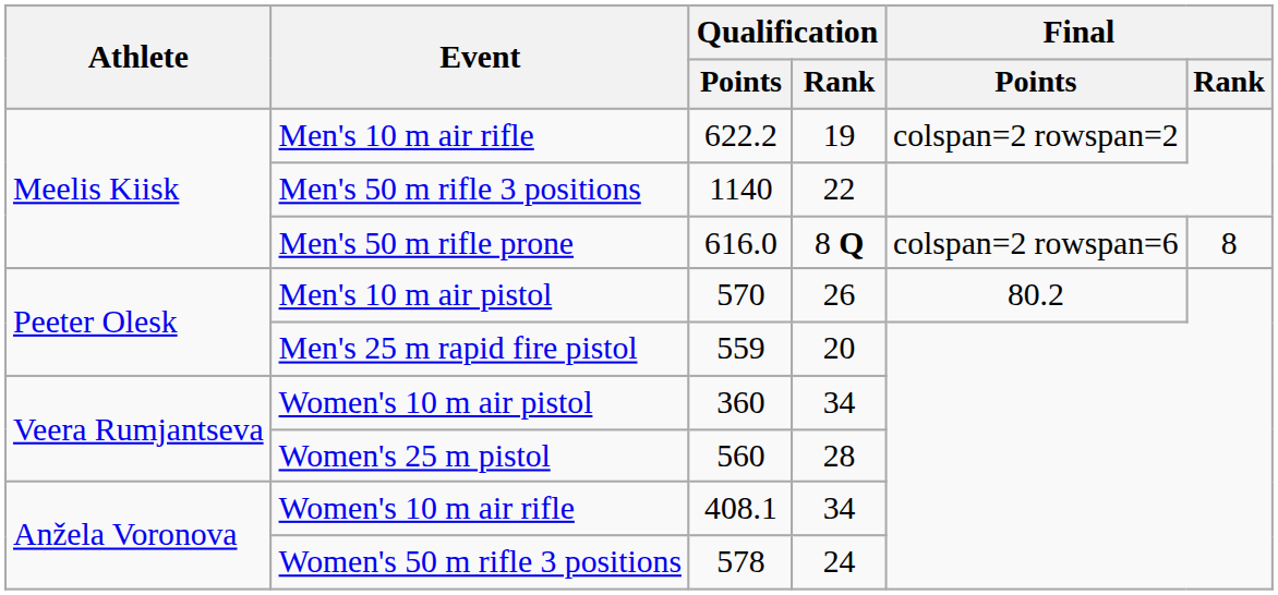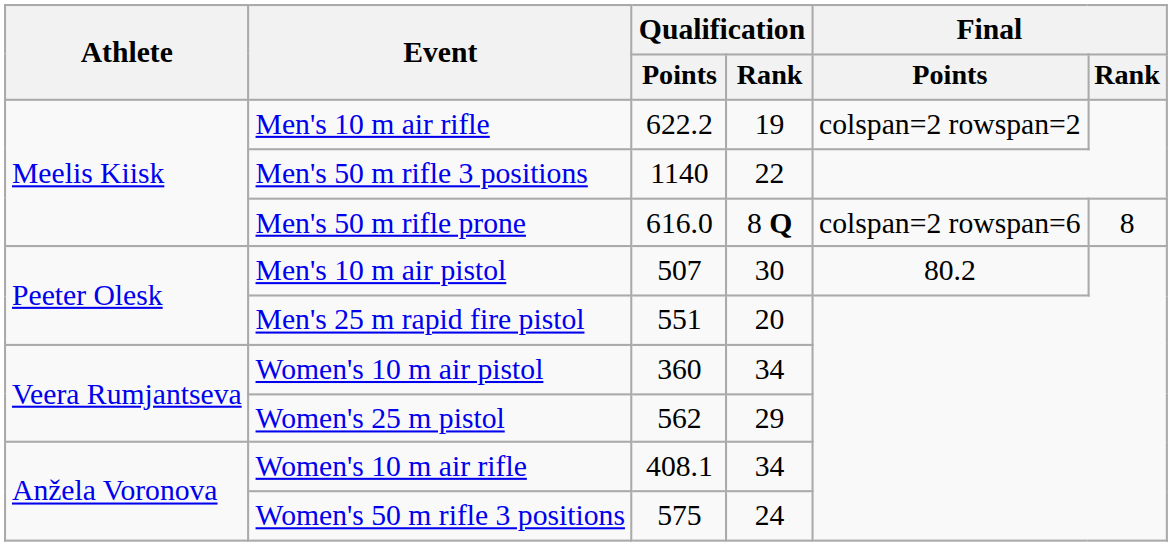 <table class="wikitable" style="font-size:90%">
 <tr align=center>
 <th rowspan=2>Athlete</th>
 <th rowspan=2>Event</th>
 <th colspan=2>Qualification</th>
 <th colspan=2>Final</th>
 </tr>
 <tr style="font-size:95%">
 <th>Points</th>
 <th>Rank</th>
 <th>Points</th>
 <th>Rank</th>
 </tr>
 <tr align=center>
 <td align=left rowspan=3><a href='#'>Meelis Kiisk</a></td>
 <td align=left><a href='#'>Men's 10 m air rifle</a></td>
 <td>622.2</td>
 <td>19</td>
 <td>colspan=2 rowspan=2 </td>
 </tr>
 <tr align=center>
 <td align=left><a href='#'>Men's 50 m rifle 3 positions</a></td>
 <td>1140</td>
 <td>22</td>
 </tr>
 <tr align=center>
 <td align=left><a href='#'>Men's 50 m rifle prone</a></td>
 <td>616.0</td>
 <td>8 <strong>Q</strong></td>
 <td>colspan=2 rowspan=6 </td>
 <td>8</td>
 </tr>
 <tr align=center>
 <td align=left rowspan=2><a href='#'>Peeter Olesk</a></td>
 <td align=left><a href='#'>Men's 10 m air pistol</a></td>
-<td>570</td>
-<td>26</td>
+<td>507</td>
+<td>30</td>
 <td>80.2</td>
 </tr>
 <tr align=center>
 <td align=left><a href='#'>Men's 25 m rapid fire pistol</a></td>
-<td>559</td>
+<td>551</td>
 <td>20</td>
 </tr>
 <tr align=center>
 <td align=left rowspan=2><a href='#'>Veera Rumjantseva</a></td>
 <td align=left><a href='#'>Women's 10 m air pistol</a></td>
 <td>360</td>
 <td>34</td>
 </tr>
 <tr align=center>
 <td align=left><a href='#'>Women's 25 m pistol</a></td>
-<td>560</td>
-<td>28</td>
+<td>562</td>
+<td>29</td>
 </tr>
 <tr align=center>
 <td align=left rowspan=2><a href='#'>Anžela Voronova</a></td>
 <td align=left><a href='#'>Women's 10 m air rifle</a></td>
 <td>408.1</td>
 <td>34</td>
 </tr>
 <tr align=center>
 <td align=left><a href='#'>Women's 50 m rifle 3 positions</a></td>
-<td>578</td>
+<td>575</td>
 <td>24</td>
 </tr>
 </table>
